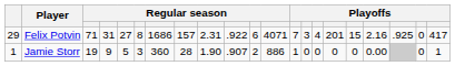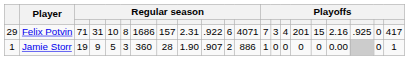 <table class="wikitable plainrowheaders" style="text-align:center;">
 <tr>
 <th scope="col" rowspan="2"></th>
 <th scope="col" rowspan="2">Player</th>
 <th scope=colgroup colspan=10>Regular season</th>
 <th scope=colgroup colspan=9>Playoffs</th>
 </tr>
 <tr>
 <th scope="col"></th>
 <th scope="col"></th>
 <th scope="col"></th>
 <th scope="col"></th>
 <th scope="col"></th>
 <th scope="col"></th>
 <th scope="col"></th>
 <th scope="col"></th>
 <th scope="col"></th>
 <th scope="col"></th>
 <th scope="col"></th>
 <th scope="col"></th>
 <th scope="col"></th>
 <th scope="col"></th>
 <th scope="col"></th>
 <th scope="col"></th>
 <th scope="col"></th>
 <th scope="col"></th>
 <th scope="col"></th>
 </tr>
 <tr>
 <td scope="row">29</td>
 <td align="left"><a href='#'>Felix Potvin</a></td>
 <td>71</td>
 <td>31</td>
-<td>27</td>
+<td>10</td>
 <td>8</td>
 <td>1686</td>
 <td>157</td>
 <td>2.31</td>
 <td>.922</td>
 <td>6</td>
 <td>4071</td>
 <td>7</td>
 <td>3</td>
 <td>4</td>
 <td>201</td>
 <td>15</td>
 <td>2.16</td>
 <td>.925</td>
 <td>0</td>
 <td>417</td>
 </tr>
 <tr>
 <td scope="row">1</td>
 <td align="left"><a href='#'>Jamie Storr</a></td>
 <td>19</td>
 <td>9</td>
 <td>5</td>
 <td>3</td>
 <td>360</td>
 <td>28</td>
 <td>1.90</td>
 <td>.907</td>
 <td>2</td>
 <td>886</td>
 <td>1</td>
 <td>0</td>
 <td>0</td>
 <td>0</td>
 <td>0</td>
 <td>0.00</td>
 <td style="background:#ccc"></td>
 <td>0</td>
 <td>1</td>
 </tr>
 </table>
